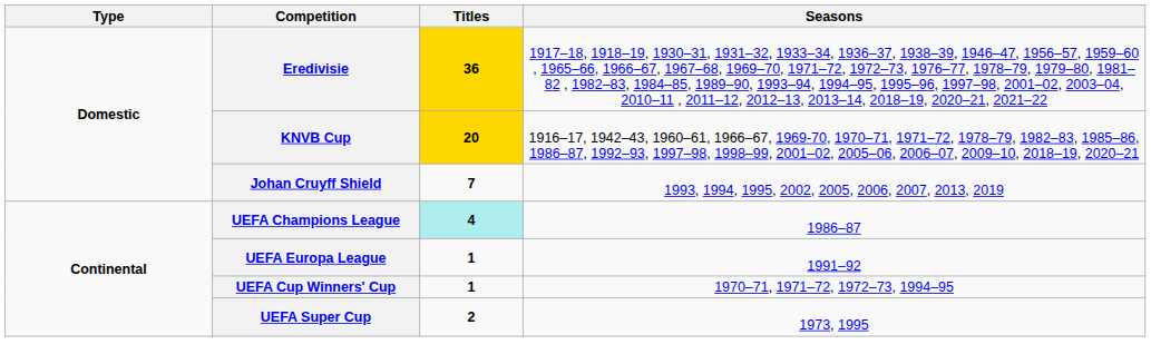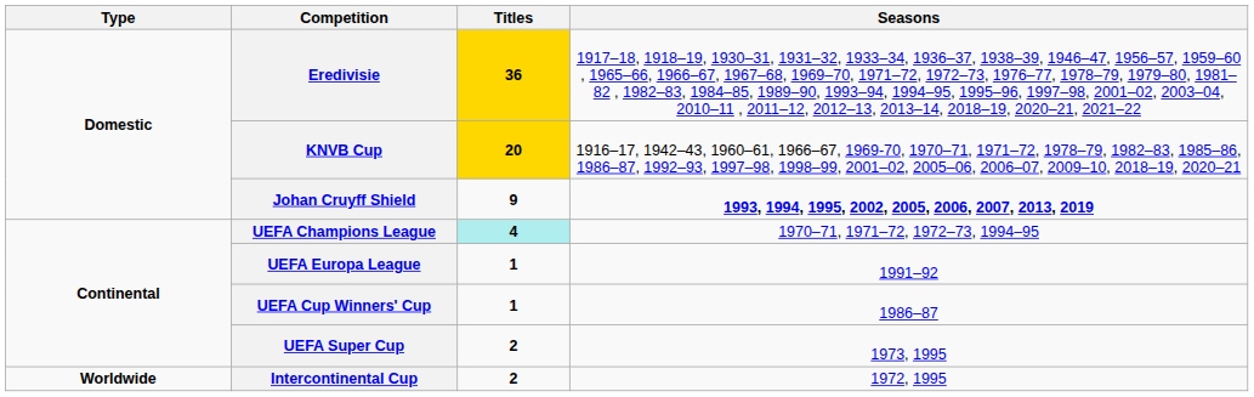 <table class="wikitable plainrowheaders" style="font-size:95%; text-align:center;">
 <tr>
 <th style="width: 10%;">Type</th>
 <th style="width: 10%;">Competition</th>
 <th style="width: 5%;">Titles</th>
 <th style="width: 30%;">Seasons</th>
 </tr>
 <tr>
 <td rowspan="3"><strong>Domestic</strong></td>
 <th scope=col><a href='#'>Eredivisie</a></th>
 <td style="background-color:gold"><strong>36</strong></td>
 <td><br><a href='#'>1917–18</a>, <a href='#'>1918–19</a>, <a href='#'>1930–31</a>, <a href='#'>1931–32</a>, <a href='#'>1933–34</a>, <a href='#'>1936–37</a>, <a href='#'>1938–39</a>, <a href='#'>1946–47</a>, <a href='#'>1956–57</a>, <a href='#'>1959–60</a> , <a href='#'>1965–66</a>, <a href='#'>1966–67</a>, <a href='#'>1967–68</a>, <a href='#'>1969–70</a>, <a href='#'>1971–72</a>, <a href='#'>1972–73</a>, <a href='#'>1976–77</a>, <a href='#'>1978–79</a>, <a href='#'>1979–80</a>, <a href='#'>1981–82</a>  , <a href='#'>1982–83</a>, <a href='#'>1984–85</a>, <a href='#'>1989–90</a>, <a href='#'>1993–94</a>, <a href='#'>1994–95</a>, <a href='#'>1995–96</a>, <a href='#'>1997–98</a>, <a href='#'>2001–02</a>, <a href='#'>2003–04</a>, <a href='#'>2010–11</a>  , <a href='#'>2011–12</a>, <a href='#'>2012–13</a>, <a href='#'>2013–14</a>, <a href='#'>2018–19</a>, <a href='#'>2020–21</a>, <a href='#'>2021–22</a></td>
 </tr>
 <tr>
 <th scope=col><a href='#'>KNVB Cup</a></th>
 <td style="background-color:gold"><strong>20</strong></td>
 <td><br>1916–17, 1942–43, 1960–61, 1966–67, <a href='#'>1969-70</a>, <a href='#'>1970–71</a>, <a href='#'>1971–72</a>, <a href='#'>1978–79</a>, <a href='#'>1982–83</a>, <a href='#'>1985–86</a>, <a href='#'>1986–87</a>, <a href='#'>1992–93</a>, <a href='#'>1997–98</a>, <a href='#'>1998–99</a>, <a href='#'>2001–02</a>, <a href='#'>2005–06</a>, <a href='#'>2006–07</a>, <a href='#'>2009–10</a>, <a href='#'>2018–19</a>, <a href='#'>2020–21</a></td>
 </tr>
 <tr>
 <th scope=col><a href='#'>Johan Cruyff Shield</a></th>
-<td><strong>7</strong></td>
-<td><br><a href='#'>1993</a>, <a href='#'>1994</a>, <a href='#'>1995</a>, <a href='#'>2002</a>, <a href='#'>2005</a>, <a href='#'>2006</a>, <a href='#'>2007</a>, <a href='#'>2013</a>, <a href='#'>2019</a></td>
+<td><strong>9</strong></td>
+<td><strong><br><a href='#'>1993</a>, <a href='#'>1994</a>, <a href='#'>1995</a>, <a href='#'>2002</a>, <a href='#'>2005</a>, <a href='#'>2006</a>, <a href='#'>2007</a>, <a href='#'>2013</a>, <a href='#'>2019</a></strong></td>
 </tr>
 <tr>
 <td rowspan="4"><strong>Continental</strong></td>
 <th scope=col><a href='#'>UEFA Champions League</a></th>
 <td style="background: paleturquoise;"><strong>4</strong></td>
-<td><br><a href='#'>1986–87</a></td>
+<td><a href='#'>1970–71</a>, <a href='#'>1971–72</a>, <a href='#'>1972–73</a>, <a href='#'>1994–95</a></td>
 </tr>
 <tr>
 <th scope=col><a href='#'>UEFA Europa League</a></th>
 <td><strong>1</strong></td>
 <td><br><a href='#'>1991–92</a></td>
 </tr>
 <tr>
 <th scope=col><a href='#'>UEFA Cup Winners' Cup</a></th>
 <td><strong>1</strong></td>
-<td><a href='#'>1970–71</a>, <a href='#'>1971–72</a>, <a href='#'>1972–73</a>, <a href='#'>1994–95</a></td>
+<td><br><a href='#'>1986–87</a></td>
 </tr>
 <tr>
 <th scope=col><a href='#'>UEFA Super Cup</a></th>
 <td><strong>2</strong></td>
 <td><br><a href='#'>1973</a>, <a href='#'>1995</a></td>
 </tr>
+<tr>
+<td><strong>Worldwide</strong></td>
+<th scope=col><a href='#'>Intercontinental Cup</a></th>
+<td><strong>2</strong></td>
+<td><a href='#'>1972</a>, <a href='#'>1995</a></td>
+</tr>
 </table>
